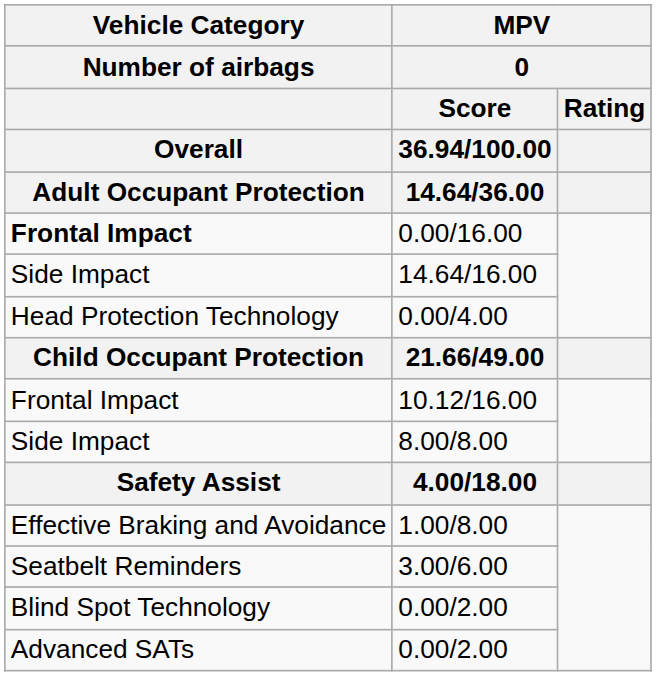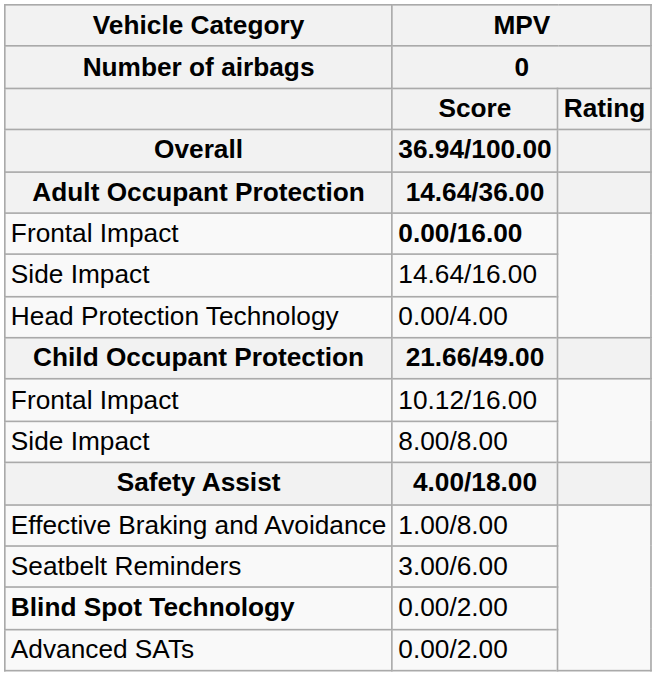 <table class="wikitable">
 <tr>
 <th>Vehicle Category</th>
 <th colspan="2">MPV</th>
 </tr>
 <tr>
 <th>Number of airbags</th>
 <th colspan="2">0</th>
 </tr>
 <tr>
 <th></th>
 <th>Score</th>
 <th>Rating</th>
 </tr>
 <tr>
 <th>Overall</th>
 <th>36.94/100.00</th>
 <th></th>
 </tr>
 <tr>
 <th>Adult Occupant Protection</th>
 <th>14.64/36.00</th>
 <th></th>
 </tr>
 <tr>
-<td><strong>Frontal Impact</strong></td>
-<td>0.00/16.00</td>
+<td>Frontal Impact</td>
+<td><strong>0.00/16.00</strong></td>
 <td rowspan="3"></td>
 </tr>
 <tr>
 <td>Side Impact</td>
 <td>14.64/16.00</td>
 </tr>
 <tr>
 <td>Head Protection Technology</td>
 <td>0.00/4.00</td>
 </tr>
 <tr>
 <th>Child Occupant Protection</th>
 <th>21.66/49.00</th>
 <th></th>
 </tr>
 <tr>
 <td>Frontal Impact</td>
 <td>10.12/16.00</td>
 <td rowspan="2"></td>
 </tr>
 <tr>
 <td>Side Impact</td>
 <td>8.00/8.00</td>
 </tr>
 <tr>
 <th>Safety Assist</th>
 <th>4.00/18.00</th>
 <th></th>
 </tr>
 <tr>
 <td>Effective Braking and Avoidance</td>
 <td>1.00/8.00</td>
 <td rowspan="4"></td>
 </tr>
 <tr>
 <td>Seatbelt Reminders</td>
 <td>3.00/6.00</td>
 </tr>
 <tr>
-<td>Blind Spot Technology</td>
+<td><strong>Blind Spot Technology</strong></td>
 <td>0.00/2.00</td>
 </tr>
 <tr>
 <td>Advanced SATs</td>
 <td>0.00/2.00</td>
 </tr>
 </table>
